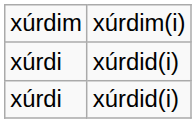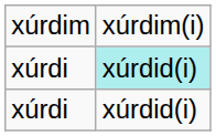 <table class="wikitable">
 <tr>
 <td>xúrdim</td>
 <td>xúrdim(i)</td>
 </tr>
 <tr>
 <td>xúrdi</td>
-<td>xúrdid(i)</td>
+<td style="background: paleturquoise;">xúrdid(i)</td>
 </tr>
 <tr>
 <td>xúrdi</td>
 <td>xúrdid(i)</td>
 </tr>
 </table>
